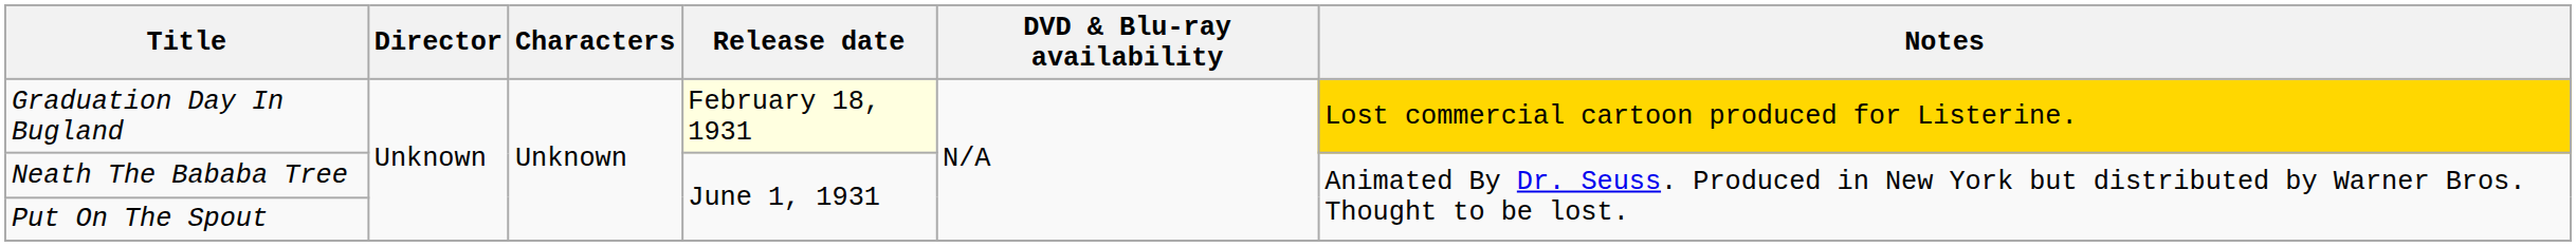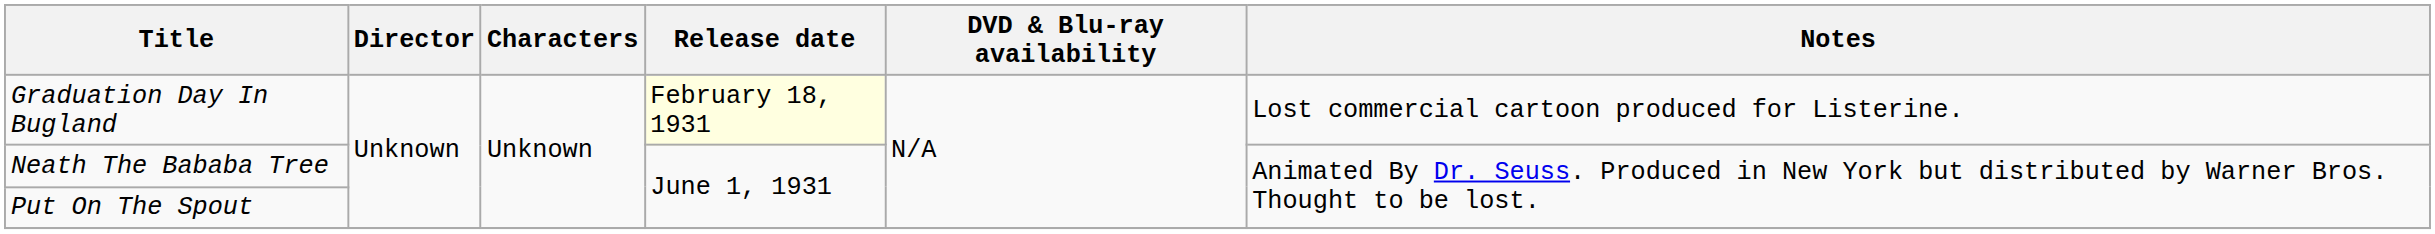 <table class="wikitable sortable">
 <tr>
 <th>Title</th>
 <th>Director</th>
 <th>Characters</th>
 <th>Release date</th>
 <th>DVD & Blu-ray availability</th>
 <th>Notes</th>
 </tr>
 <tr>
 <td><em>Graduation Day In Bugland</em></td>
 <td rowspan="3">Unknown</td>
 <td rowspan="3">Unknown</td>
 <td style="background: lightyellow;">February 18, 1931</td>
 <td rowspan="3">N/A</td>
-<td style="background: gold;">Lost commercial cartoon produced for Listerine.</td>
+<td>Lost commercial cartoon produced for Listerine.</td>
 </tr>
 <tr>
 <td><em>Neath The Bababa Tree</em></td>
 <td rowspan="2">June 1, 1931</td>
 <td rowspan="2">Animated By <a href='#'>Dr. Seuss</a>. Produced in New York but distributed by Warner Bros.  Thought to be lost.</td>
 </tr>
 <tr>
 <td><em>Put On The Spout</em></td>
 </tr>
 <tr>
 </tr>
 </table>
